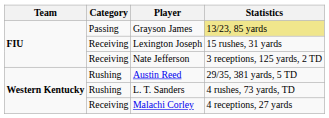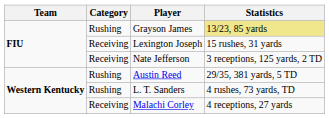 <table class="wikitable" style="float: left;">
 <tr>
 <th>Team</th>
 <th>Category</th>
 <th>Player</th>
 <th>Statistics</th>
 </tr>
 <tr>
 <td rowspan=3><strong>FIU</strong></td>
-<td>Passing</td>
+<td>Rushing</td>
 <td>Grayson James</td>
 <td style="background: khaki;">13/23, 85 yards</td>
 </tr>
 <tr>
 <td>Receiving</td>
 <td>Lexington Joseph</td>
 <td>15 rushes, 31 yards</td>
 </tr>
 <tr>
 <td>Receiving</td>
 <td>Nate Jefferson</td>
 <td>3 receptions, 125 yards, 2 TD</td>
 </tr>
 <tr>
 <td rowspan=3><strong>Western Kentucky</strong></td>
 <td>Rushing</td>
 <td><a href='#'>Austin Reed</a></td>
 <td>29/35, 381 yards, 5 TD</td>
 </tr>
 <tr>
 <td>Rushing</td>
 <td>L. T. Sanders</td>
 <td>4 rushes, 73 yards, TD</td>
 </tr>
 <tr>
 <td>Receiving</td>
 <td><a href='#'>Malachi Corley</a></td>
 <td>4 receptions, 27 yards</td>
 </tr>
 </table>
